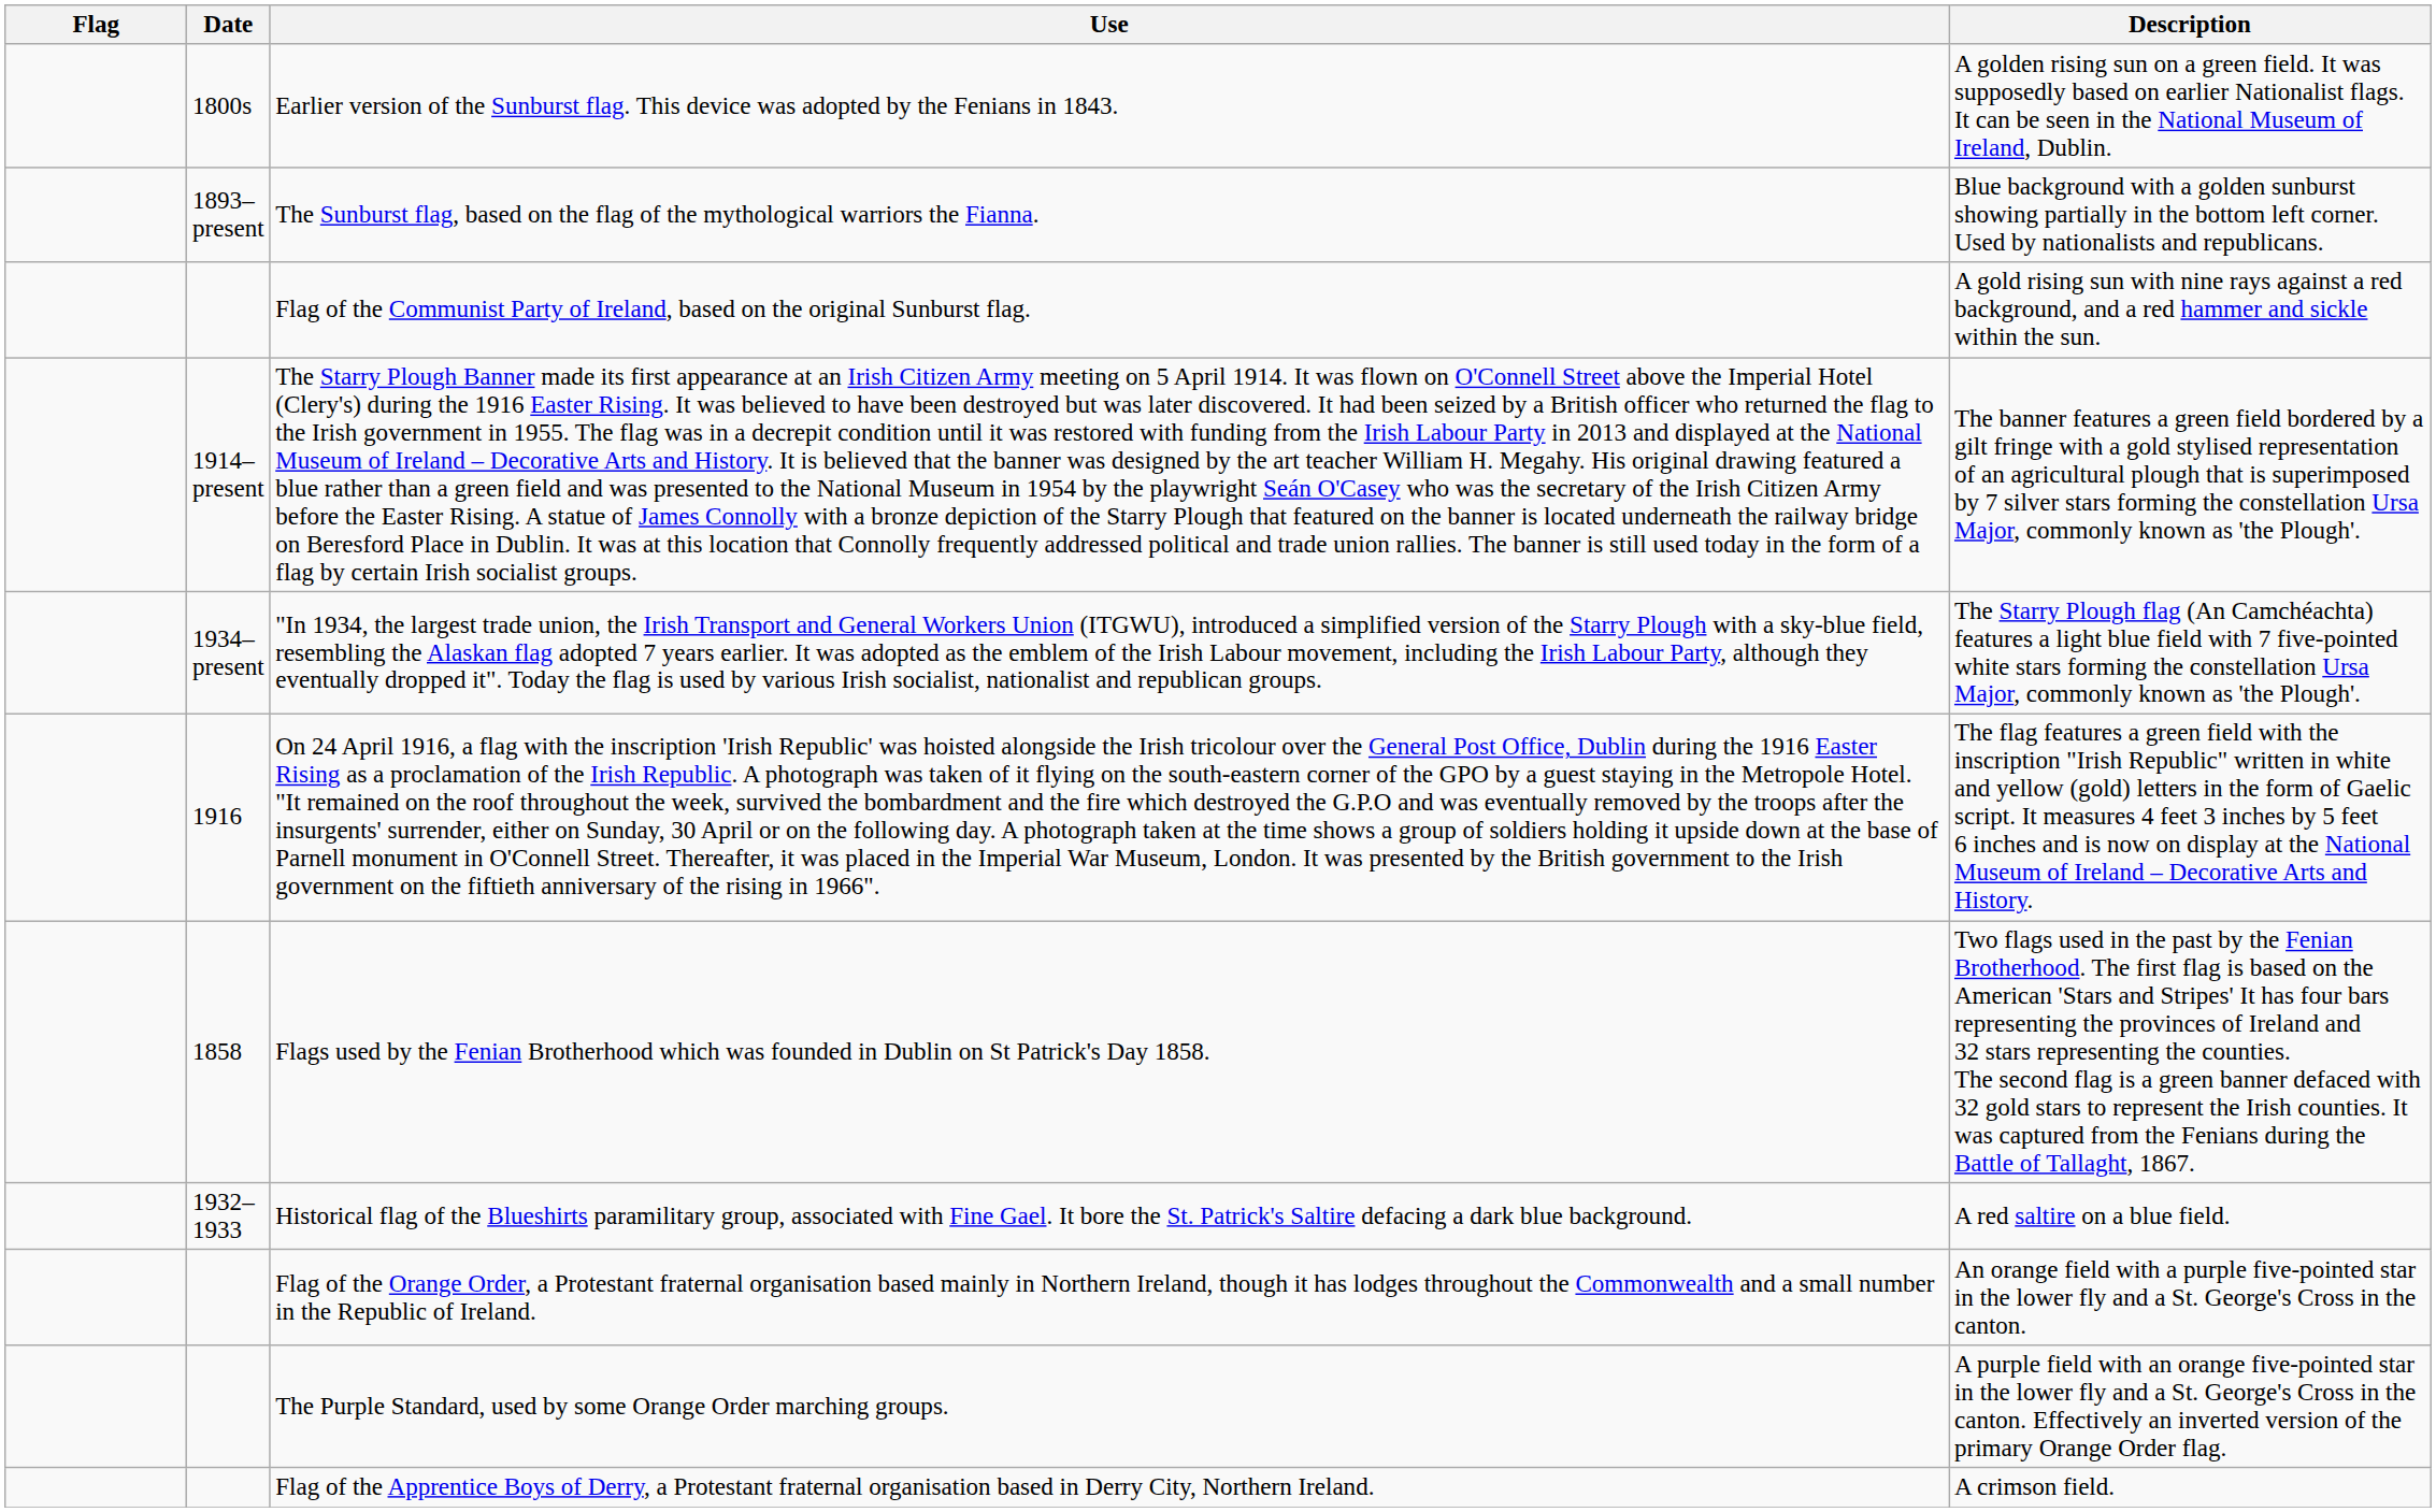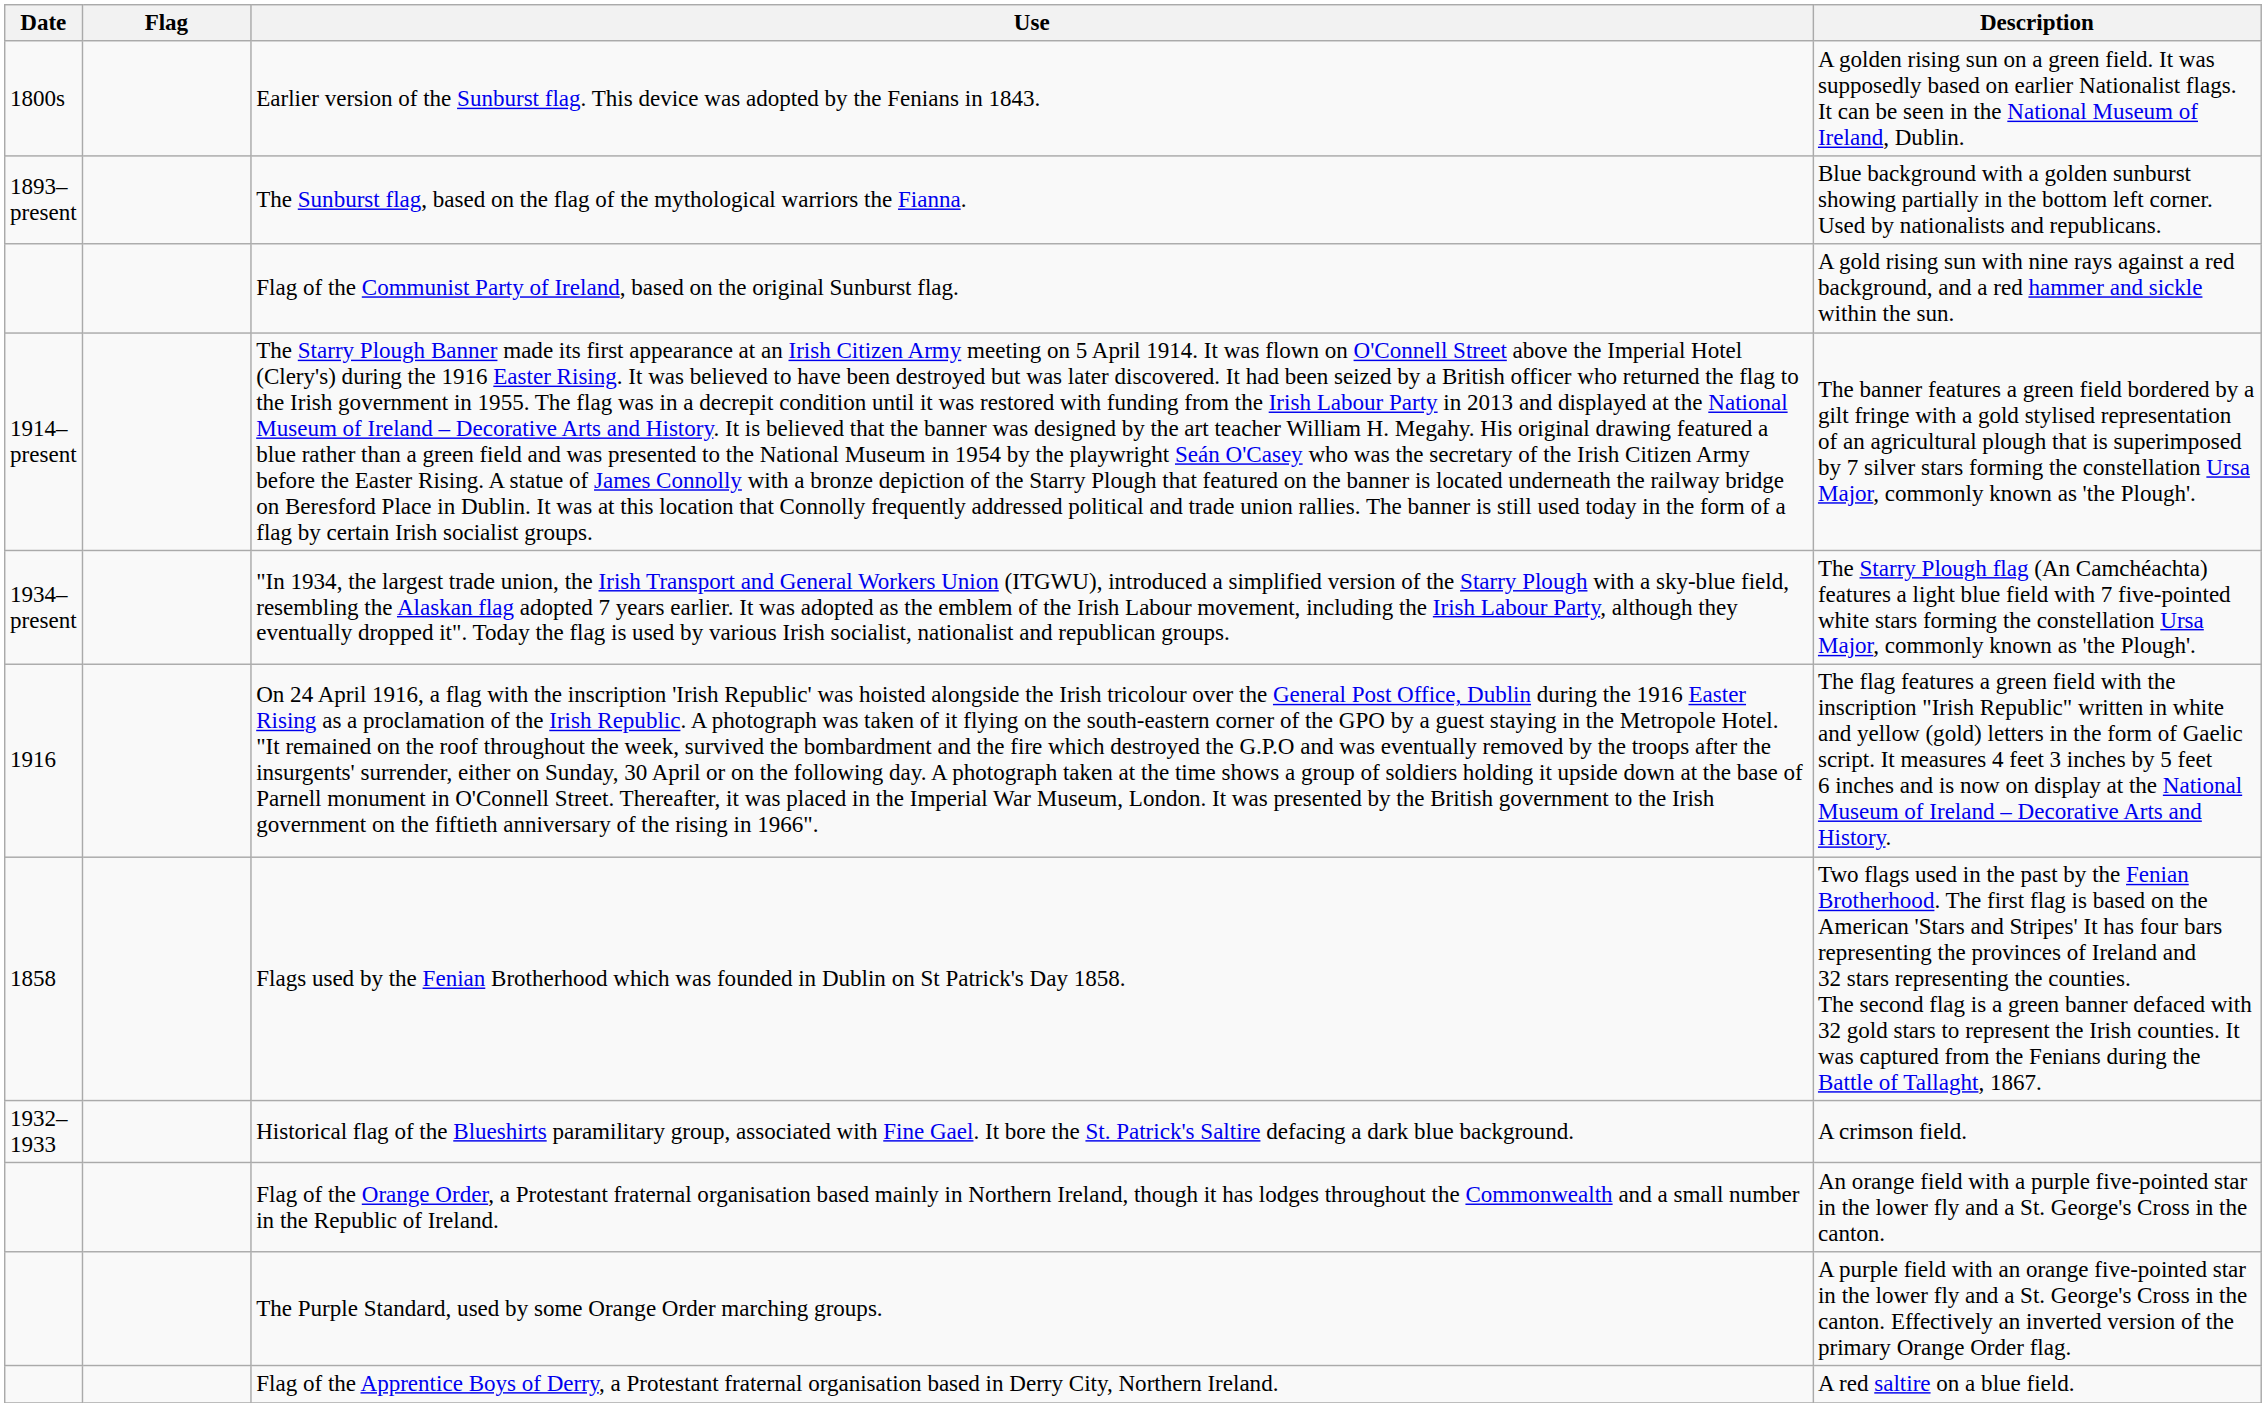 <table class="wikitable">
 <tr>
+<th width=30>Date</th>
 <th width=110>Flag</th>
-<th width=30>Date</th>
 <th>Use</th>
 <th>Description</th>
 </tr>
 <tr>
+<td>1800s</td>
 <td></td>
-<td>1800s</td>
 <td>Earlier version of the <a href='#'>Sunburst flag</a>. This device was adopted by the Fenians in 1843.</td>
 <td>A golden rising sun on a green field. It was supposedly based on earlier Nationalist flags. It can be seen in the <a href='#'>National Museum of Ireland</a>, Dublin.</td>
 </tr>
 <tr>
+<td>1893–present</td>
 <td></td>
-<td>1893–present</td>
 <td>The <a href='#'>Sunburst flag</a>, based on the flag of the mythological warriors the <a href='#'>Fianna</a>.</td>
 <td>Blue background with a golden sunburst showing partially in the bottom left corner. Used by nationalists and republicans.</td>
 </tr>
 <tr>
 <td></td>
 <td></td>
 <td>Flag of the <a href='#'>Communist Party of Ireland</a>, based on the original Sunburst flag.</td>
 <td>A gold rising sun with nine rays against a red background, and a red <a href='#'>hammer and sickle</a> within the sun.</td>
 </tr>
 <tr>
+<td>1914–present</td>
 <td></td>
-<td>1914–present</td>
 <td>The <a href='#'>Starry Plough Banner</a> made its first appearance at an <a href='#'>Irish Citizen Army</a> meeting on 5 April 1914. It was flown on <a href='#'>O'Connell Street</a> above the Imperial Hotel (Clery's) during the 1916 <a href='#'>Easter Rising</a>. It was believed to have been destroyed but was later discovered. It had been seized by a British officer who returned the flag to the Irish government in 1955. The flag was in a decrepit condition until it was restored with funding from the <a href='#'>Irish Labour Party</a> in 2013 and displayed at the <a href='#'>National Museum of Ireland – Decorative Arts and History</a>. It is believed that the banner was designed by the art teacher William H. Megahy. His original drawing featured a blue rather than a green field and was presented to the National Museum in 1954 by the playwright <a href='#'>Seán O'Casey</a> who was the secretary of the Irish Citizen Army before the Easter Rising. A statue of <a href='#'>James Connolly</a> with a bronze depiction of the Starry Plough that featured on the banner is located underneath the railway bridge on Beresford Place in Dublin. It was at this location that Connolly frequently addressed political and trade union rallies. The banner is still used today in the form of a flag by certain Irish socialist groups.</td>
 <td>The banner features a green field bordered by a gilt fringe with a gold stylised representation of an agricultural plough that is superimposed by 7 silver stars forming the constellation <a href='#'>Ursa Major</a>, commonly known as 'the Plough'.</td>
 </tr>
 <tr>
+<td>1934–present</td>
 <td></td>
-<td>1934–present</td>
 <td>"In 1934, the largest trade union, the <a href='#'>Irish Transport and General Workers Union</a> (ITGWU), introduced a simplified version of the <a href='#'>Starry Plough</a> with a sky-blue field, resembling the <a href='#'>Alaskan flag</a> adopted 7 years earlier. It was adopted as the emblem of the Irish Labour movement, including the <a href='#'>Irish Labour Party</a>, although they eventually dropped it". Today the flag is used by various Irish socialist, nationalist and republican groups.</td>
 <td>The <a href='#'>Starry Plough flag</a> (An Camchéachta) features a light blue field with 7 five-pointed white stars forming the constellation <a href='#'>Ursa Major</a>, commonly known as 'the Plough'.</td>
 </tr>
 <tr>
+<td>1916</td>
 <td></td>
-<td>1916</td>
 <td>On 24 April 1916, a flag with the inscription 'Irish Republic' was hoisted alongside the Irish tricolour over the <a href='#'>General Post Office, Dublin</a> during the 1916 <a href='#'>Easter Rising</a> as a proclamation of the <a href='#'>Irish Republic</a>. A photograph was taken of it flying on the south-eastern corner of the GPO by a guest staying in the Metropole Hotel. "It remained on the roof throughout the week, survived the bombardment and the fire which destroyed the G.P.O and was eventually removed by the troops after the insurgents' surrender, either on Sunday, 30 April or on the following day. A photograph taken at the time shows a group of soldiers holding it upside down at the base of Parnell monument in O'Connell Street. Thereafter, it was placed in the Imperial War Museum, London. It was presented by the British government to the Irish government on the fiftieth anniversary of the rising in 1966".</td>
 <td>The flag features a green field with the inscription "Irish Republic" written in white and yellow (gold) letters in the form of Gaelic script. It measures 4 feet 3 inches by 5 feet 6 inches and is now on display at the <a href='#'>National Museum of Ireland – Decorative Arts and History</a>.</td>
 </tr>
 <tr>
+<td>1858</td>
 <td><br> </td>
-<td>1858</td>
 <td>Flags used by the <a href='#'>Fenian</a> Brotherhood which was founded in Dublin on St Patrick's Day 1858.</td>
 <td>Two flags used in the past by the <a href='#'>Fenian Brotherhood</a>. The first flag is based on the American 'Stars and Stripes' It has four bars representing the provinces of Ireland and 32 stars representing the counties.<br>The second flag is a green banner defaced with 32 gold stars to represent the Irish counties. It was captured from the Fenians during the <a href='#'>Battle of Tallaght</a>, 1867.</td>
 </tr>
 <tr>
+<td>1932–1933</td>
 <td></td>
-<td>1932–1933</td>
 <td>Historical flag of the <a href='#'>Blueshirts</a> paramilitary group, associated with <a href='#'>Fine Gael</a>. It bore the <a href='#'>St. Patrick's Saltire</a> defacing a dark blue background.</td>
-<td>A red <a href='#'>saltire</a> on a blue field.</td>
+<td>A crimson field.</td>
 </tr>
 <tr>
 <td></td>
 <td></td>
 <td>Flag of the <a href='#'>Orange Order</a>, a Protestant fraternal organisation based mainly in Northern Ireland, though it has lodges throughout the <a href='#'>Commonwealth</a> and a small number in the Republic of Ireland.</td>
 <td>An orange field with a purple five-pointed star in the lower fly and a St. George's Cross in the canton.</td>
 </tr>
 <tr>
 <td></td>
 <td></td>
 <td>The Purple Standard, used by some Orange Order marching groups.</td>
 <td>A purple field with an orange five-pointed star in the lower fly and a St. George's Cross in the canton. Effectively an inverted version of the primary Orange Order flag.</td>
 </tr>
 <tr>
 <td></td>
 <td></td>
 <td>Flag of the <a href='#'>Apprentice Boys of Derry</a>, a Protestant fraternal organisation based in Derry City, Northern Ireland.</td>
-<td>A crimson field.</td>
+<td>A red <a href='#'>saltire</a> on a blue field.</td>
 </tr>
 </table>
